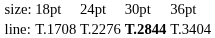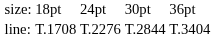 <table style="margin-left:40px;">
 <tr>
 <td>size:</td>
 <td>18pt</td>
 <td>24pt</td>
 <td>30pt</td>
 <td>36pt</td>
 </tr>
 <tr>
 <td>line:</td>
 <td>T.1708</td>
 <td>T.2276</td>
-<td><strong>T.2844</strong></td>
+<td>T.2844</td>
 <td>T.3404</td>
 </tr>
 </table>
